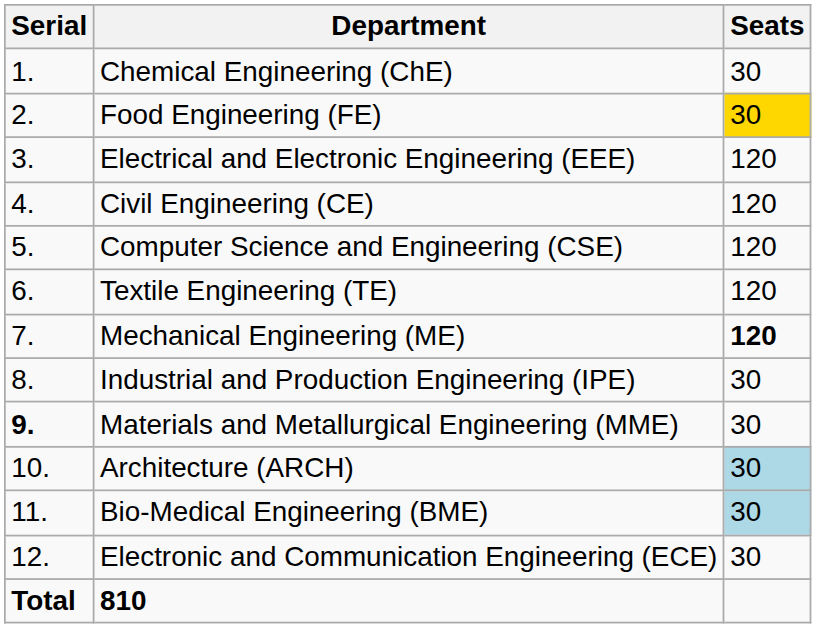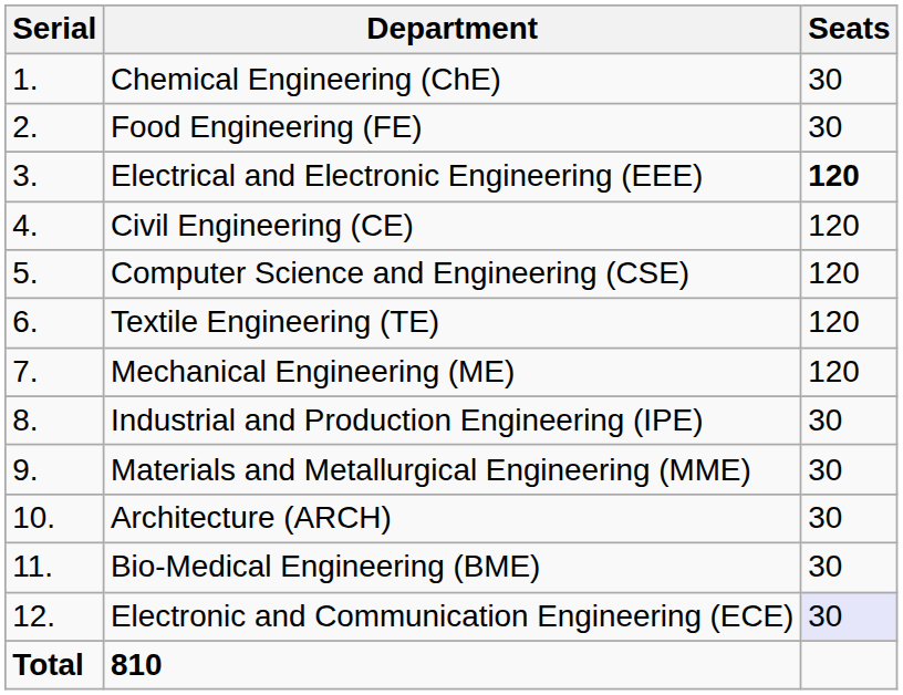 <table class="wikitable">
 <tr>
 <th>Serial</th>
 <th>Department</th>
 <th>Seats</th>
 </tr>
 <tr>
 <td>1.</td>
 <td>Chemical Engineering (ChE)</td>
 <td>30</td>
 </tr>
 <tr>
 <td>2.</td>
 <td>Food Engineering (FE)</td>
-<td style="background: gold;">30</td>
+<td>30</td>
 </tr>
 <tr>
 <td>3.</td>
 <td>Electrical and Electronic Engineering (EEE)</td>
-<td>120</td>
+<td><strong>120</strong></td>
 </tr>
 <tr>
 <td>4.</td>
 <td>Civil Engineering (CE)</td>
 <td>120</td>
 </tr>
 <tr>
 <td>5.</td>
 <td>Computer Science and Engineering (CSE)</td>
 <td>120</td>
 </tr>
 <tr>
 <td>6.</td>
 <td>Textile Engineering (TE)</td>
 <td>120</td>
 </tr>
 <tr>
 <td>7.</td>
 <td>Mechanical Engineering (ME)</td>
-<td><strong>120</strong></td>
+<td>120</td>
 </tr>
 <tr>
 <td>8.</td>
 <td>Industrial and Production Engineering (IPE)</td>
 <td>30</td>
 </tr>
 <tr>
-<td><strong>9.</strong></td>
+<td>9.</td>
 <td>Materials and Metallurgical Engineering (MME)</td>
 <td>30</td>
 </tr>
 <tr>
 <td>10.</td>
 <td>Architecture (ARCH)</td>
-<td style="background: lightblue;">30</td>
+<td>30</td>
 </tr>
 <tr>
 <td>11.</td>
 <td>Bio-Medical Engineering (BME)</td>
-<td style="background: lightblue;">30</td>
+<td>30</td>
 </tr>
 <tr>
 <td>12.</td>
 <td>Electronic and Communication Engineering (ECE)</td>
-<td>30</td>
+<td style="background: lavender;">30</td>
 </tr>
 <tr>
 <td><strong>Total</strong></td>
 <td><strong>810</strong></td>
 </tr>
 </table>
